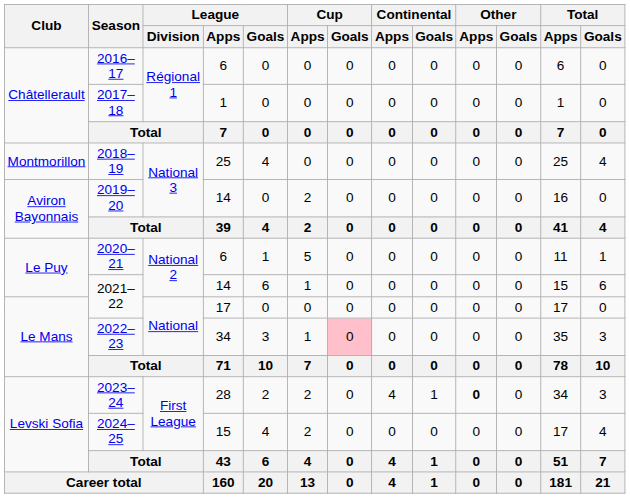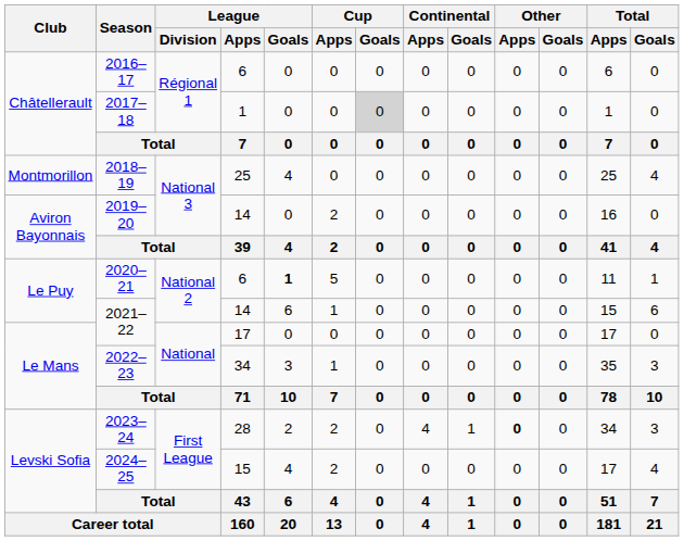 <table class="wikitable" style="text-align:center">
 <tr>
 <th rowspan="2">Club</th>
 <th rowspan="2">Season</th>
 <th colspan="3">League</th>
 <th colspan="2">Cup</th>
 <th colspan="2">Continental</th>
 <th colspan="2">Other</th>
 <th colspan="2">Total</th>
 </tr>
 <tr>
 <th>Division</th>
 <th>Apps</th>
 <th>Goals</th>
 <th>Apps</th>
 <th>Goals</th>
 <th>Apps</th>
 <th>Goals</th>
 <th>Apps</th>
 <th>Goals</th>
 <th>Apps</th>
 <th>Goals</th>
 </tr>
 <tr>
 <td rowspan="3"><a href='#'>Châtellerault</a></td>
 <td><a href='#'>2016–17</a></td>
 <td rowspan="2"><a href='#'>Régional 1</a></td>
 <td>6</td>
 <td>0</td>
 <td>0</td>
 <td>0</td>
 <td>0</td>
 <td>0</td>
 <td>0</td>
 <td>0</td>
 <td>6</td>
 <td>0</td>
 </tr>
 <tr>
 <td><a href='#'>2017–18</a></td>
 <td>1</td>
 <td>0</td>
 <td>0</td>
-<td>0</td>
+<td style="background: lightgrey;">0</td>
 <td>0</td>
 <td>0</td>
 <td>0</td>
 <td>0</td>
 <td>1</td>
 <td>0</td>
 </tr>
 <tr>
 <th colspan="2">Total</th>
 <th>7</th>
 <th>0</th>
 <th>0</th>
 <th>0</th>
 <th>0</th>
 <th>0</th>
 <th>0</th>
 <th>0</th>
 <th>7</th>
 <th>0</th>
 </tr>
 <tr>
 <td rowspan="1"><a href='#'>Montmorillon</a></td>
 <td><a href='#'>2018–19</a></td>
 <td rowspan="2"><a href='#'>National 3</a></td>
 <td>25</td>
 <td>4</td>
 <td>0</td>
 <td>0</td>
 <td>0</td>
 <td>0</td>
 <td>0</td>
 <td>0</td>
 <td>25</td>
 <td>4</td>
 </tr>
 <tr>
 <td rowspan="2"><a href='#'>Aviron Bayonnais</a></td>
 <td><a href='#'>2019–20</a></td>
 <td>14</td>
 <td>0</td>
 <td>2</td>
 <td>0</td>
 <td>0</td>
 <td>0</td>
 <td>0</td>
 <td>0</td>
 <td>16</td>
 <td>0</td>
 </tr>
 <tr>
 <th colspan="2">Total</th>
 <th>39</th>
 <th>4</th>
 <th>2</th>
 <th>0</th>
 <th>0</th>
 <th>0</th>
 <th>0</th>
 <th>0</th>
 <th>41</th>
 <th>4</th>
 </tr>
 <tr>
 <td rowspan="2"><a href='#'>Le Puy</a></td>
 <td><a href='#'>2020–21</a></td>
 <td rowspan="2"><a href='#'>National 2</a></td>
 <td>6</td>
-<td>1</td>
+<td><strong>1</strong></td>
 <td>5</td>
 <td>0</td>
 <td>0</td>
 <td>0</td>
 <td>0</td>
 <td>0</td>
 <td>11</td>
 <td>1</td>
 </tr>
 <tr>
 <td rowspan="2">2021–22</td>
 <td>14</td>
 <td>6</td>
 <td>1</td>
 <td>0</td>
 <td>0</td>
 <td>0</td>
 <td>0</td>
 <td>0</td>
 <td>15</td>
 <td>6</td>
 </tr>
 <tr>
 <td rowspan="3"><a href='#'>Le Mans</a></td>
 <td rowspan="2"><a href='#'>National</a></td>
 <td>17</td>
 <td>0</td>
 <td>0</td>
 <td>0</td>
 <td>0</td>
 <td>0</td>
 <td>0</td>
 <td>0</td>
 <td>17</td>
 <td>0</td>
 </tr>
 <tr>
 <td><a href='#'>2022–23</a></td>
 <td>34</td>
 <td>3</td>
 <td>1</td>
-<td style="background: pink;">0</td>
+<td>0</td>
 <td>0</td>
 <td>0</td>
 <td>0</td>
 <td>0</td>
 <td>35</td>
 <td>3</td>
 </tr>
 <tr>
 <th colspan="2">Total</th>
 <th>71</th>
 <th>10</th>
 <th>7</th>
 <th>0</th>
 <th>0</th>
 <th>0</th>
 <th>0</th>
 <th>0</th>
 <th>78</th>
 <th>10</th>
 </tr>
 <tr>
 <td rowspan=3><a href='#'>Levski Sofia</a></td>
 <td><a href='#'>2023–24</a></td>
 <td rowspan=2><a href='#'>First League</a></td>
 <td>28</td>
 <td>2</td>
 <td>2</td>
 <td>0</td>
 <td>4</td>
 <td>1</td>
 <td><strong>0</strong></td>
 <td>0</td>
 <td>34</td>
 <td>3</td>
 </tr>
 <tr>
 <td><a href='#'>2024–25</a></td>
 <td>15</td>
 <td>4</td>
 <td>2</td>
 <td>0</td>
 <td>0</td>
 <td>0</td>
 <td>0</td>
 <td>0</td>
 <td>17</td>
 <td>4</td>
 </tr>
 <tr>
 <th colspan="2">Total</th>
 <th>43</th>
 <th>6</th>
 <th>4</th>
 <th>0</th>
 <th>4</th>
 <th>1</th>
 <th>0</th>
 <th>0</th>
 <th>51</th>
 <th>7</th>
 </tr>
 <tr>
 <th colspan="3">Career total</th>
 <th>160</th>
 <th>20</th>
 <th>13</th>
 <th>0</th>
 <th>4</th>
 <th>1</th>
 <th>0</th>
 <th>0</th>
 <th>181</th>
 <th>21</th>
 </tr>
 </table>
